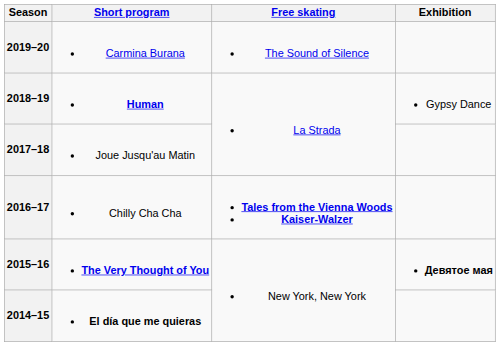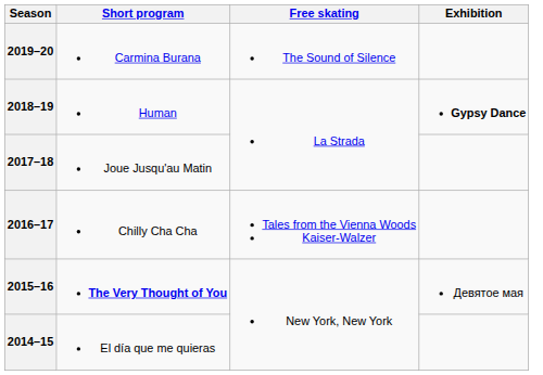 <table class=wikitable style=text-align:center>
 <tr>
 <th>Season</th>
 <th><a href='#'>Short program</a></th>
 <th><a href='#'>Free skating</a></th>
 <th>Exhibition</th>
 </tr>
 <tr>
 <th>2019–20 <br> </th>
 <td><br><ul><li><a href='#'>Carmina Burana</a> <br></li></ul></td>
 <td><br><ul><li><a href='#'>The Sound of Silence</a> <br></li></ul></td>
 <td></td>
 </tr>
 <tr>
 <th>2018–19 <br> </th>
-<td><strong><br><ul><li><a href='#'>Human</a> <br></li></ul></strong></td>
+<td><br><ul><li><a href='#'>Human</a> <br></li></ul></td>
 <td rowspan=2><br><ul><li><a href='#'>La Strada</a> <br></li></ul></td>
-<td><br><ul><li>Gypsy Dance</li></ul></td>
+<td><strong><br><ul><li>Gypsy Dance</li></ul></strong></td>
 </tr>
 <tr>
 <th>2017–18 <br> </th>
 <td><br><ul><li>Joue Jusqu'au Matin <br></li></ul></td>
 <td></td>
 </tr>
 <tr>
 <th>2016–17 <br> </th>
 <td><br><ul><li>Chilly Cha Cha <br></li></ul></td>
-<td><strong><br><ul><li><a href='#'>Tales from the Vienna Woods</a> <br></li><li><a href='#'>Kaiser-Walzer</a> <br></li></ul></strong></td>
+<td><br><ul><li><a href='#'>Tales from the Vienna Woods</a> <br></li><li><a href='#'>Kaiser-Walzer</a> <br></li></ul></td>
 <td></td>
 </tr>
 <tr>
 <th>2015–16</th>
 <td><strong><br><ul><li><a href='#'>The Very Thought of You</a></li></ul></strong></td>
 <td rowspan=2><br><ul><li>New York, New York</li></ul></td>
-<td><strong><br><ul><li>Девятое мая <br></li></ul></strong></td>
+<td><br><ul><li>Девятое мая <br></li></ul></td>
 </tr>
 <tr>
 <th>2014–15</th>
-<td><strong><br><ul><li>El día que me quieras <br></li></ul></strong></td>
+<td><br><ul><li>El día que me quieras <br></li></ul></td>
 <td></td>
 </tr>
 </table>
